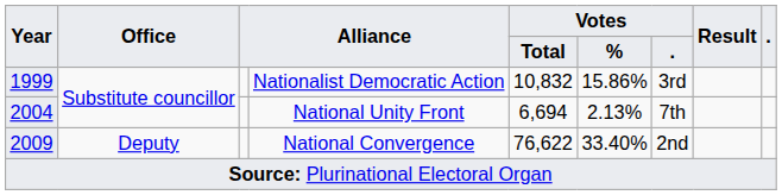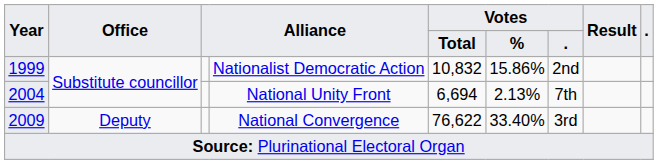 <table class="wikitable" style="font-size:90%; text-align:center;">
 <tr>
 <th style="background-color:#EAECF0;" rowspan=2>Year</th>
 <th style="background-color:#EAECF0;" rowspan=2>Office</th>
 <th style="background-color:#EAECF0;" colspan=2 rowspan=2>Alliance</th>
 <th style="background-color:#EAECF0;" colspan=3>Votes</th>
 <th style="background-color:#EAECF0;" rowspan=2>Result</th>
 <th style="background-color:#EAECF0;" rowspan=2>.</th>
 </tr>
 <tr>
 <th style="background-color:#EAECF0;">Total</th>
 <th style="background-color:#EAECF0;">%</th>
 <th style="background-color:#EAECF0;">.</th>
 </tr>
 <tr>
 <td style="background-color:#EAECF0;"><a href='#'>1999</a></td>
 <td rowspan=2><a href='#'>Substitute councillor</a></td>
 <td style="background-color:"></td>
 <td><a href='#'>Nationalist Democratic Action</a></td>
 <td>10,832</td>
 <td>15.86%</td>
-<td>3rd</td>
+<td>2nd</td>
 <td></td>
 <td></td>
 </tr>
 <tr>
 <td style="background-color:#EAECF0;"><a href='#'>2004</a></td>
 <td style="background-color:"></td>
 <td><a href='#'>National Unity Front</a></td>
 <td>6,694</td>
 <td>2.13%</td>
 <td>7th</td>
 <td></td>
 <td></td>
 </tr>
 <tr>
 <td style="background-color:#EAECF0;"><a href='#'>2009</a></td>
 <td><a href='#'>Deputy</a></td>
 <td style="background-color:"></td>
 <td><a href='#'>National Convergence</a></td>
 <td>76,622</td>
 <td>33.40%</td>
-<td>2nd</td>
+<td>3rd</td>
 <td></td>
 <td></td>
 </tr>
 <tr>
 <td style="background-color:#EAECF0;" colspan=9><strong>Source:</strong> <a href='#'>Plurinational Electoral Organ</a>  </td>
 </tr>
 </table>
